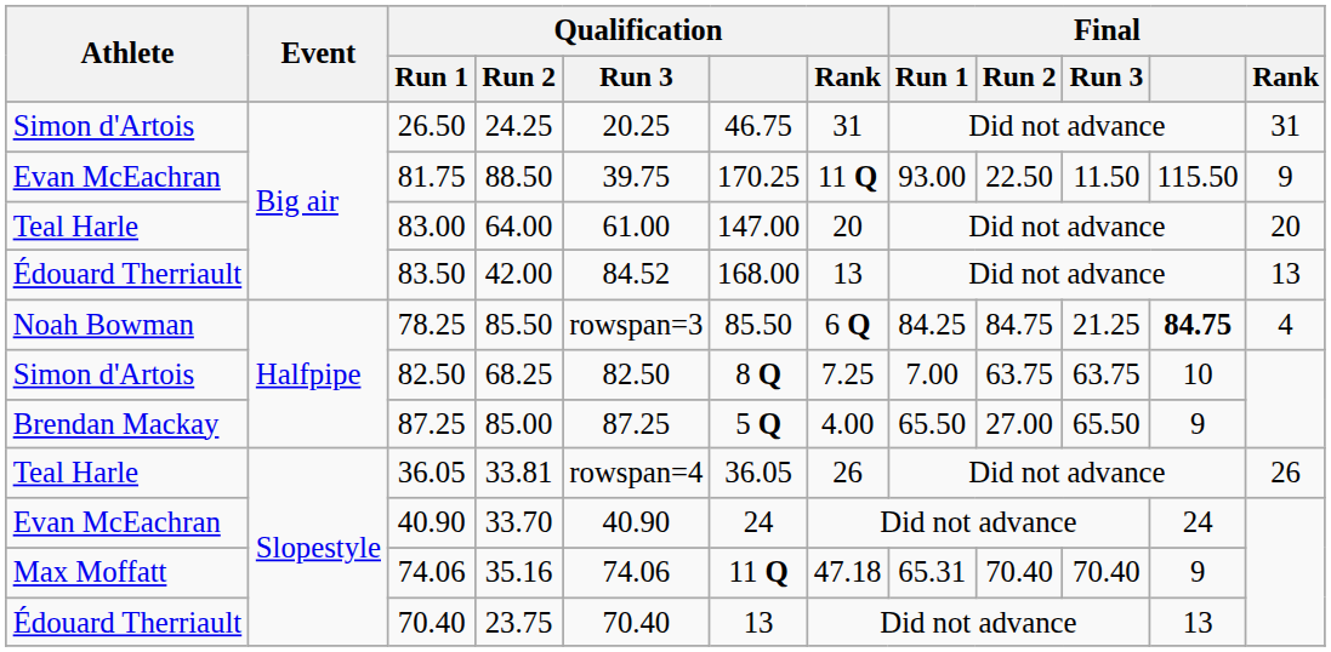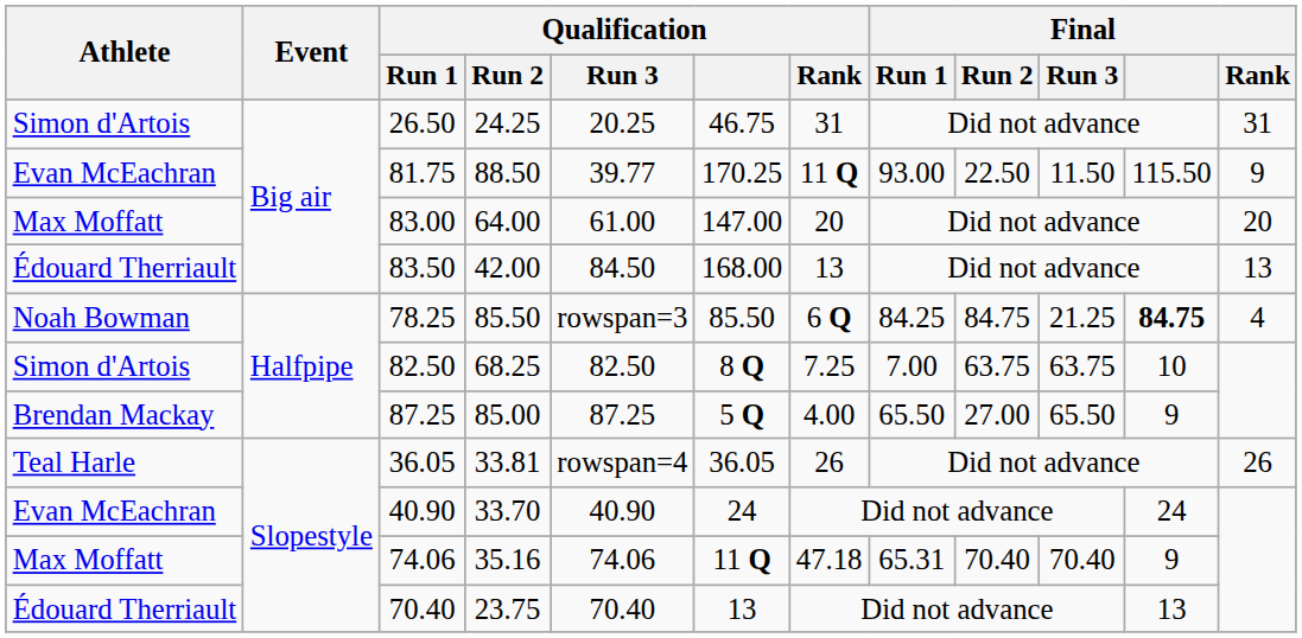 <table class=wikitable style=font-size:90%;text-align:center>
 <tr>
 <th rowspan=2>Athlete</th>
 <th rowspan=2>Event</th>
 <th colspan=5>Qualification</th>
 <th colspan=5>Final</th>
 </tr>
 <tr style=font-size:95%>
 <th>Run 1</th>
 <th>Run 2</th>
 <th>Run 3</th>
 <th></th>
 <th>Rank</th>
 <th>Run 1</th>
 <th>Run 2</th>
 <th>Run 3</th>
 <th></th>
 <th>Rank</th>
 </tr>
 <tr>
 <td align=left><a href='#'>Simon d'Artois</a></td>
 <td align=left rowspan=4><a href='#'>Big air</a></td>
 <td>26.50</td>
 <td>24.25</td>
 <td>20.25</td>
 <td>46.75</td>
 <td>31</td>
 <td colspan=4>Did not advance</td>
 <td>31</td>
 </tr>
 <tr>
 <td align=left><a href='#'>Evan McEachran</a></td>
 <td>81.75</td>
 <td>88.50</td>
-<td>39.75</td>
+<td>39.77</td>
 <td>170.25</td>
 <td>11 <strong>Q</strong></td>
 <td>93.00</td>
 <td>22.50</td>
 <td>11.50</td>
 <td>115.50</td>
 <td>9</td>
 </tr>
 <tr>
-<td align=left><a href='#'>Teal Harle</a></td>
+<td align=left><a href='#'>Max Moffatt</a></td>
 <td>83.00</td>
 <td>64.00</td>
 <td>61.00</td>
 <td>147.00</td>
 <td>20</td>
 <td colspan=4>Did not advance</td>
 <td>20</td>
 </tr>
 <tr>
 <td align=left><a href='#'>Édouard Therriault</a></td>
 <td>83.50</td>
 <td>42.00</td>
-<td>84.52</td>
+<td>84.50</td>
 <td>168.00</td>
 <td>13</td>
 <td colspan=4>Did not advance</td>
 <td>13</td>
 </tr>
 <tr>
 <td align=left><a href='#'>Noah Bowman</a></td>
 <td rowspan=3 align=left><a href='#'>Halfpipe</a></td>
 <td>78.25</td>
 <td>85.50</td>
 <td>rowspan=3 </td>
 <td>85.50</td>
 <td>6 <strong>Q</strong></td>
 <td>84.25</td>
 <td>84.75</td>
 <td>21.25</td>
 <td><strong>84.75</strong></td>
 <td>4</td>
 </tr>
 <tr>
 <td align=left><a href='#'>Simon d'Artois</a></td>
 <td>82.50</td>
 <td>68.25</td>
 <td>82.50</td>
 <td>8 <strong>Q</strong></td>
 <td>7.25</td>
 <td>7.00</td>
 <td>63.75</td>
 <td>63.75</td>
 <td>10</td>
 </tr>
 <tr>
 <td align=left><a href='#'>Brendan Mackay</a></td>
 <td>87.25</td>
 <td>85.00</td>
 <td>87.25</td>
 <td>5 <strong>Q</strong></td>
 <td>4.00</td>
 <td>65.50</td>
 <td>27.00</td>
 <td>65.50</td>
 <td>9</td>
 </tr>
 <tr>
 <td align=left><a href='#'>Teal Harle</a></td>
 <td align=left rowspan=4><a href='#'>Slopestyle</a></td>
 <td>36.05</td>
 <td>33.81</td>
 <td>rowspan=4 </td>
 <td>36.05</td>
 <td>26</td>
 <td colspan=4>Did not advance</td>
 <td>26</td>
 </tr>
 <tr>
 <td align=left><a href='#'>Evan McEachran</a></td>
 <td>40.90</td>
 <td>33.70</td>
 <td>40.90</td>
 <td>24</td>
 <td colspan=4>Did not advance</td>
 <td>24</td>
 </tr>
 <tr>
 <td align=left><a href='#'>Max Moffatt</a></td>
 <td>74.06</td>
 <td>35.16</td>
 <td>74.06</td>
 <td>11 <strong>Q</strong></td>
 <td>47.18</td>
 <td>65.31</td>
 <td>70.40</td>
 <td>70.40</td>
 <td>9</td>
 </tr>
 <tr>
 <td align=left><a href='#'>Édouard Therriault</a></td>
 <td>70.40</td>
 <td>23.75</td>
 <td>70.40</td>
 <td>13</td>
 <td colspan=4>Did not advance</td>
 <td>13</td>
 </tr>
 </table>
